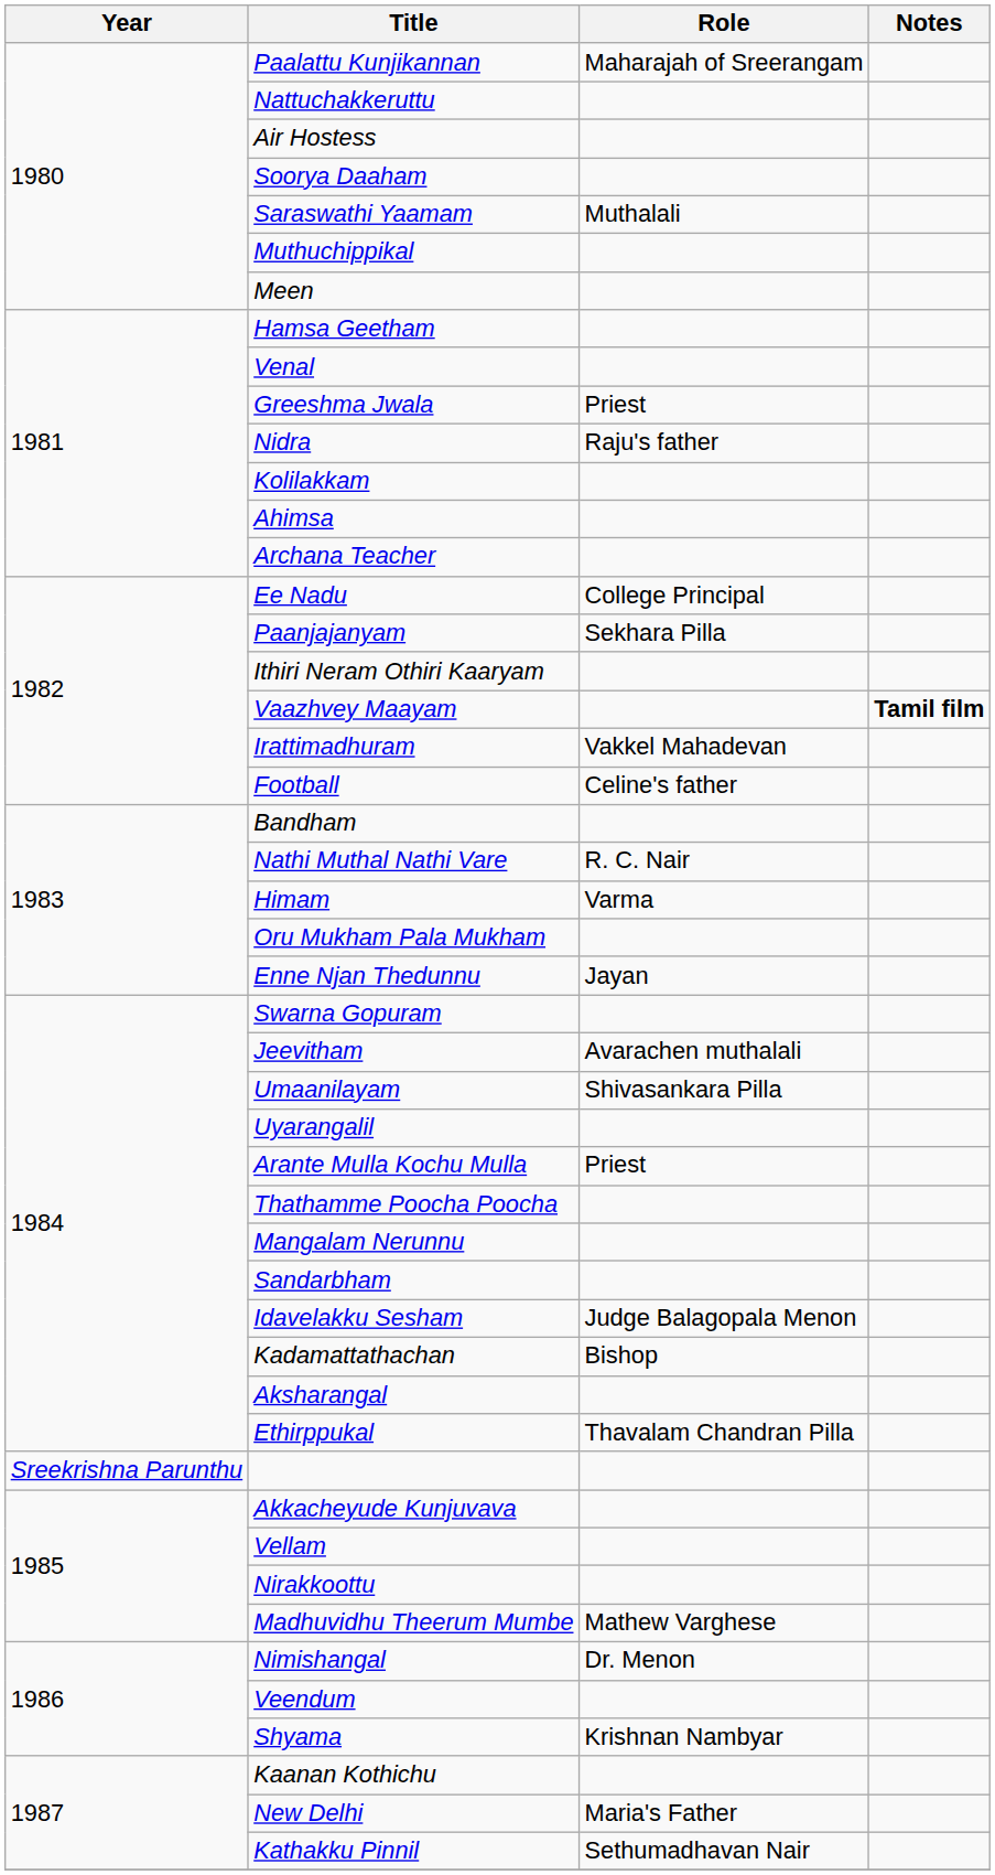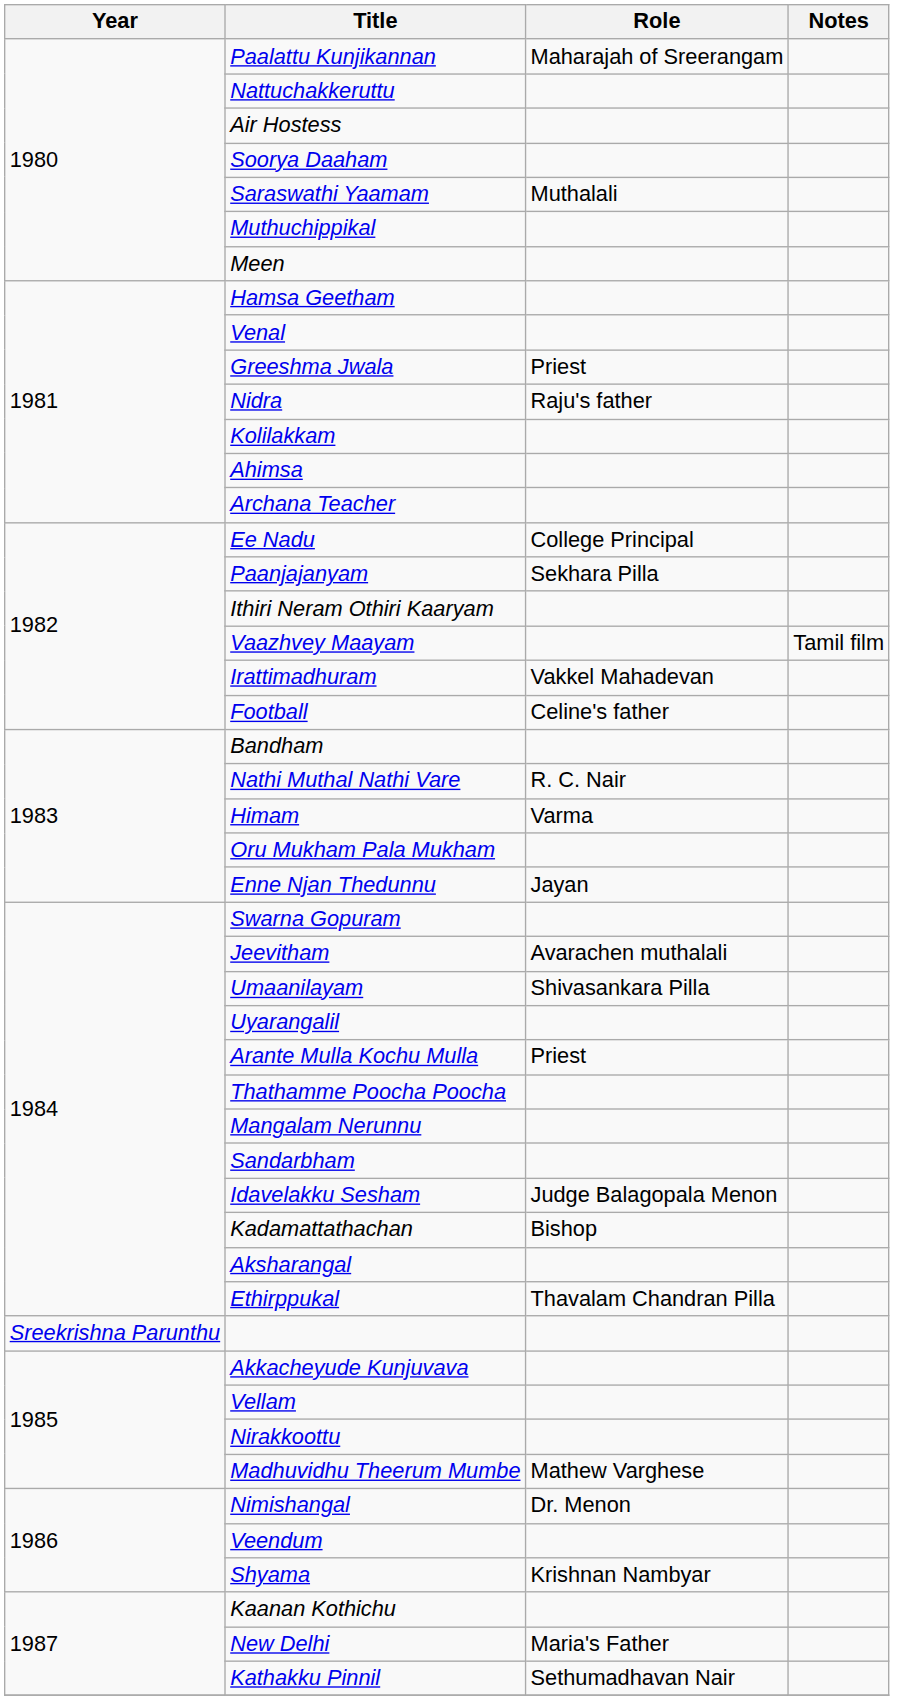 <table class="wikitable sortable">
 <tr>
 <th>Year</th>
 <th>Title</th>
 <th>Role</th>
 <th class="unsortable">Notes</th>
 </tr>
 <tr>
 <td rowspan=7>1980</td>
 <td><em><a href='#'>Paalattu Kunjikannan</a></em></td>
 <td>Maharajah of Sreerangam</td>
 <td></td>
 </tr>
 <tr>
 <td><em><a href='#'>Nattuchakkeruttu</a></em></td>
 <td></td>
 <td></td>
 </tr>
 <tr>
 <td><em>Air Hostess</em></td>
 <td></td>
 <td></td>
 </tr>
 <tr>
 <td><em><a href='#'>Soorya Daaham</a></em></td>
 <td></td>
 <td></td>
 </tr>
 <tr>
 <td><em><a href='#'>Saraswathi Yaamam</a></em></td>
 <td>Muthalali</td>
 <td></td>
 </tr>
 <tr>
 <td><em><a href='#'>Muthuchippikal</a></em></td>
 <td></td>
 <td></td>
 </tr>
 <tr>
 <td><em>Meen</em></td>
 <td></td>
 <td></td>
 </tr>
 <tr>
 <td rowspan=7>1981</td>
 <td><em><a href='#'>Hamsa Geetham</a></em></td>
 <td></td>
 <td></td>
 </tr>
 <tr>
 <td><em><a href='#'>Venal</a></em></td>
 <td></td>
 <td></td>
 </tr>
 <tr>
 <td><em><a href='#'>Greeshma Jwala</a></em></td>
 <td>Priest</td>
 <td></td>
 </tr>
 <tr>
 <td><em><a href='#'>Nidra</a></em></td>
 <td>Raju's father</td>
 <td></td>
 </tr>
 <tr>
 <td><em><a href='#'>Kolilakkam</a></em></td>
 <td></td>
 <td></td>
 </tr>
 <tr>
 <td><em><a href='#'>Ahimsa</a></em></td>
 <td></td>
 <td></td>
 </tr>
 <tr>
 <td><em><a href='#'>Archana Teacher</a></em></td>
 <td></td>
 <td></td>
 </tr>
 <tr>
 <td rowspan="6">1982</td>
 <td><em><a href='#'>Ee Nadu</a></em></td>
 <td>College Principal</td>
 <td></td>
 </tr>
 <tr>
 <td><em><a href='#'>Paanjajanyam</a></em></td>
 <td>Sekhara Pilla</td>
 <td></td>
 </tr>
 <tr>
 <td><em>Ithiri Neram Othiri Kaaryam</em></td>
 <td></td>
 <td></td>
 </tr>
 <tr>
 <td><em><a href='#'>Vaazhvey Maayam</a></em></td>
 <td></td>
-<td><strong>Tamil film</strong></td>
+<td>Tamil film</td>
 </tr>
 <tr>
 <td><em><a href='#'>Irattimadhuram</a></em></td>
 <td>Vakkel Mahadevan</td>
 <td></td>
 </tr>
 <tr>
 <td><em><a href='#'>Football</a></em></td>
 <td>Celine's father</td>
 <td></td>
 </tr>
 <tr>
 <td rowspan=5>1983</td>
 <td><em>Bandham</em></td>
 <td></td>
 <td></td>
 </tr>
 <tr>
 <td><em><a href='#'>Nathi Muthal Nathi Vare</a></em></td>
 <td>R. C. Nair</td>
 <td></td>
 </tr>
 <tr>
 <td><em><a href='#'>Himam</a></em></td>
 <td>Varma</td>
 <td></td>
 </tr>
 <tr>
 <td><em><a href='#'>Oru Mukham Pala Mukham</a></em></td>
 <td></td>
 <td></td>
 </tr>
 <tr>
 <td><em><a href='#'>Enne Njan Thedunnu</a></em></td>
 <td>Jayan</td>
 <td></td>
 </tr>
 <tr>
 <td rowspan=12>1984</td>
 <td><em><a href='#'>Swarna Gopuram</a></em></td>
 <td Siddarthan's father></td>
 </tr>
 <tr>
 <td><em><a href='#'>Jeevitham</a></em></td>
 <td>Avarachen muthalali</td>
 <td></td>
 </tr>
 <tr>
 <td><em><a href='#'>Umaanilayam</a></em></td>
 <td>Shivasankara Pilla</td>
 <td></td>
 </tr>
 <tr>
 <td><em><a href='#'>Uyarangalil</a></em></td>
 <td></td>
 <td></td>
 </tr>
 <tr>
 <td><em><a href='#'>Arante Mulla Kochu Mulla</a></em></td>
 <td>Priest</td>
 <td></td>
 </tr>
 <tr>
 <td><em><a href='#'>Thathamme Poocha Poocha</a></em></td>
 <td></td>
 <td></td>
 </tr>
 <tr>
 <td><em><a href='#'>Mangalam Nerunnu</a></em></td>
 <td></td>
 <td></td>
 </tr>
 <tr>
 <td><em><a href='#'>Sandarbham</a></em></td>
 <td></td>
 <td></td>
 </tr>
 <tr>
 <td><em><a href='#'>Idavelakku Sesham</a></em></td>
 <td>Judge Balagopala Menon</td>
 <td></td>
 </tr>
 <tr>
 <td><em>Kadamattathachan</em></td>
 <td>Bishop</td>
 <td></td>
 </tr>
 <tr>
 <td><em><a href='#'>Aksharangal</a></em></td>
 <td></td>
 <td></td>
 </tr>
 <tr>
 <td><em><a href='#'>Ethirppukal</a></em></td>
 <td>Thavalam Chandran Pilla</td>
 <td></td>
 </tr>
 <tr>
 <td><em><a href='#'>Sreekrishna Parunthu</a></em></td>
 <td></td>
 <td></td>
 </tr>
 <tr>
 <td rowspan=4>1985</td>
 <td><em><a href='#'>Akkacheyude Kunjuvava</a></em></td>
 <td></td>
 <td></td>
 </tr>
 <tr>
 <td><em><a href='#'>Vellam</a></em></td>
 <td></td>
 <td></td>
 </tr>
 <tr>
 <td><em><a href='#'>Nirakkoottu</a></em></td>
 <td></td>
 <td></td>
 </tr>
 <tr>
 <td><em><a href='#'>Madhuvidhu Theerum Mumbe</a></em></td>
 <td>Mathew Varghese</td>
 <td></td>
 </tr>
 <tr>
 <td rowspan=3>1986</td>
 <td><em><a href='#'>Nimishangal</a></em></td>
 <td>Dr. Menon</td>
 <td></td>
 </tr>
 <tr>
 <td><em><a href='#'>Veendum</a></em></td>
 <td></td>
 <td></td>
 </tr>
 <tr>
 <td><em><a href='#'>Shyama</a></em></td>
 <td>Krishnan Nambyar</td>
 <td></td>
 </tr>
 <tr>
 <td rowspan=3>1987</td>
 <td><em>Kaanan Kothichu</em></td>
 <td></td>
 <td></td>
 </tr>
 <tr>
 <td><em><a href='#'>New Delhi</a></em></td>
 <td>Maria's Father</td>
 <td></td>
 </tr>
 <tr>
 <td><em><a href='#'>Kathakku Pinnil</a></em></td>
 <td>Sethumadhavan Nair</td>
 <td></td>
 </tr>
 <tr>
 </tr>
 </table>
